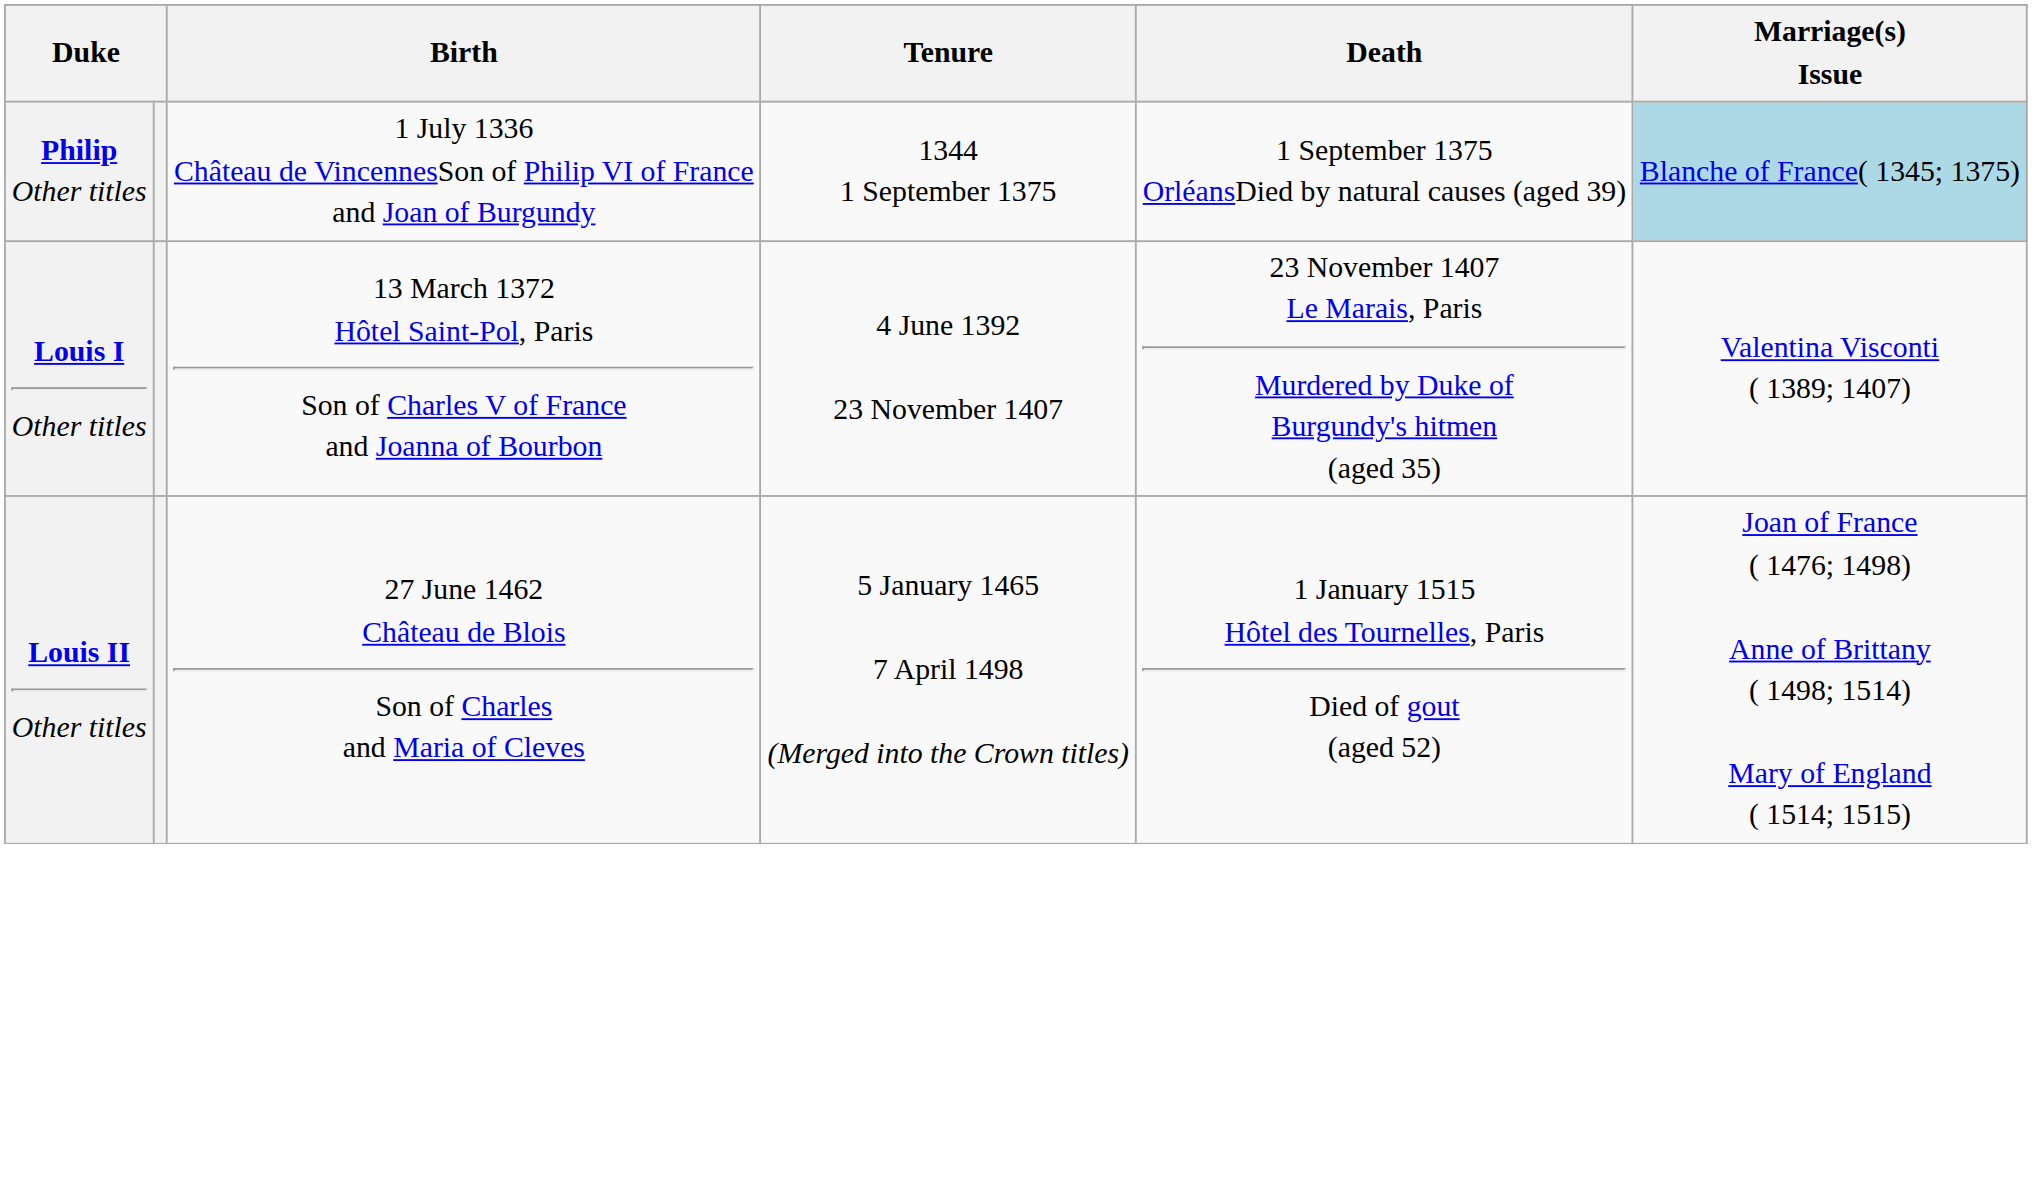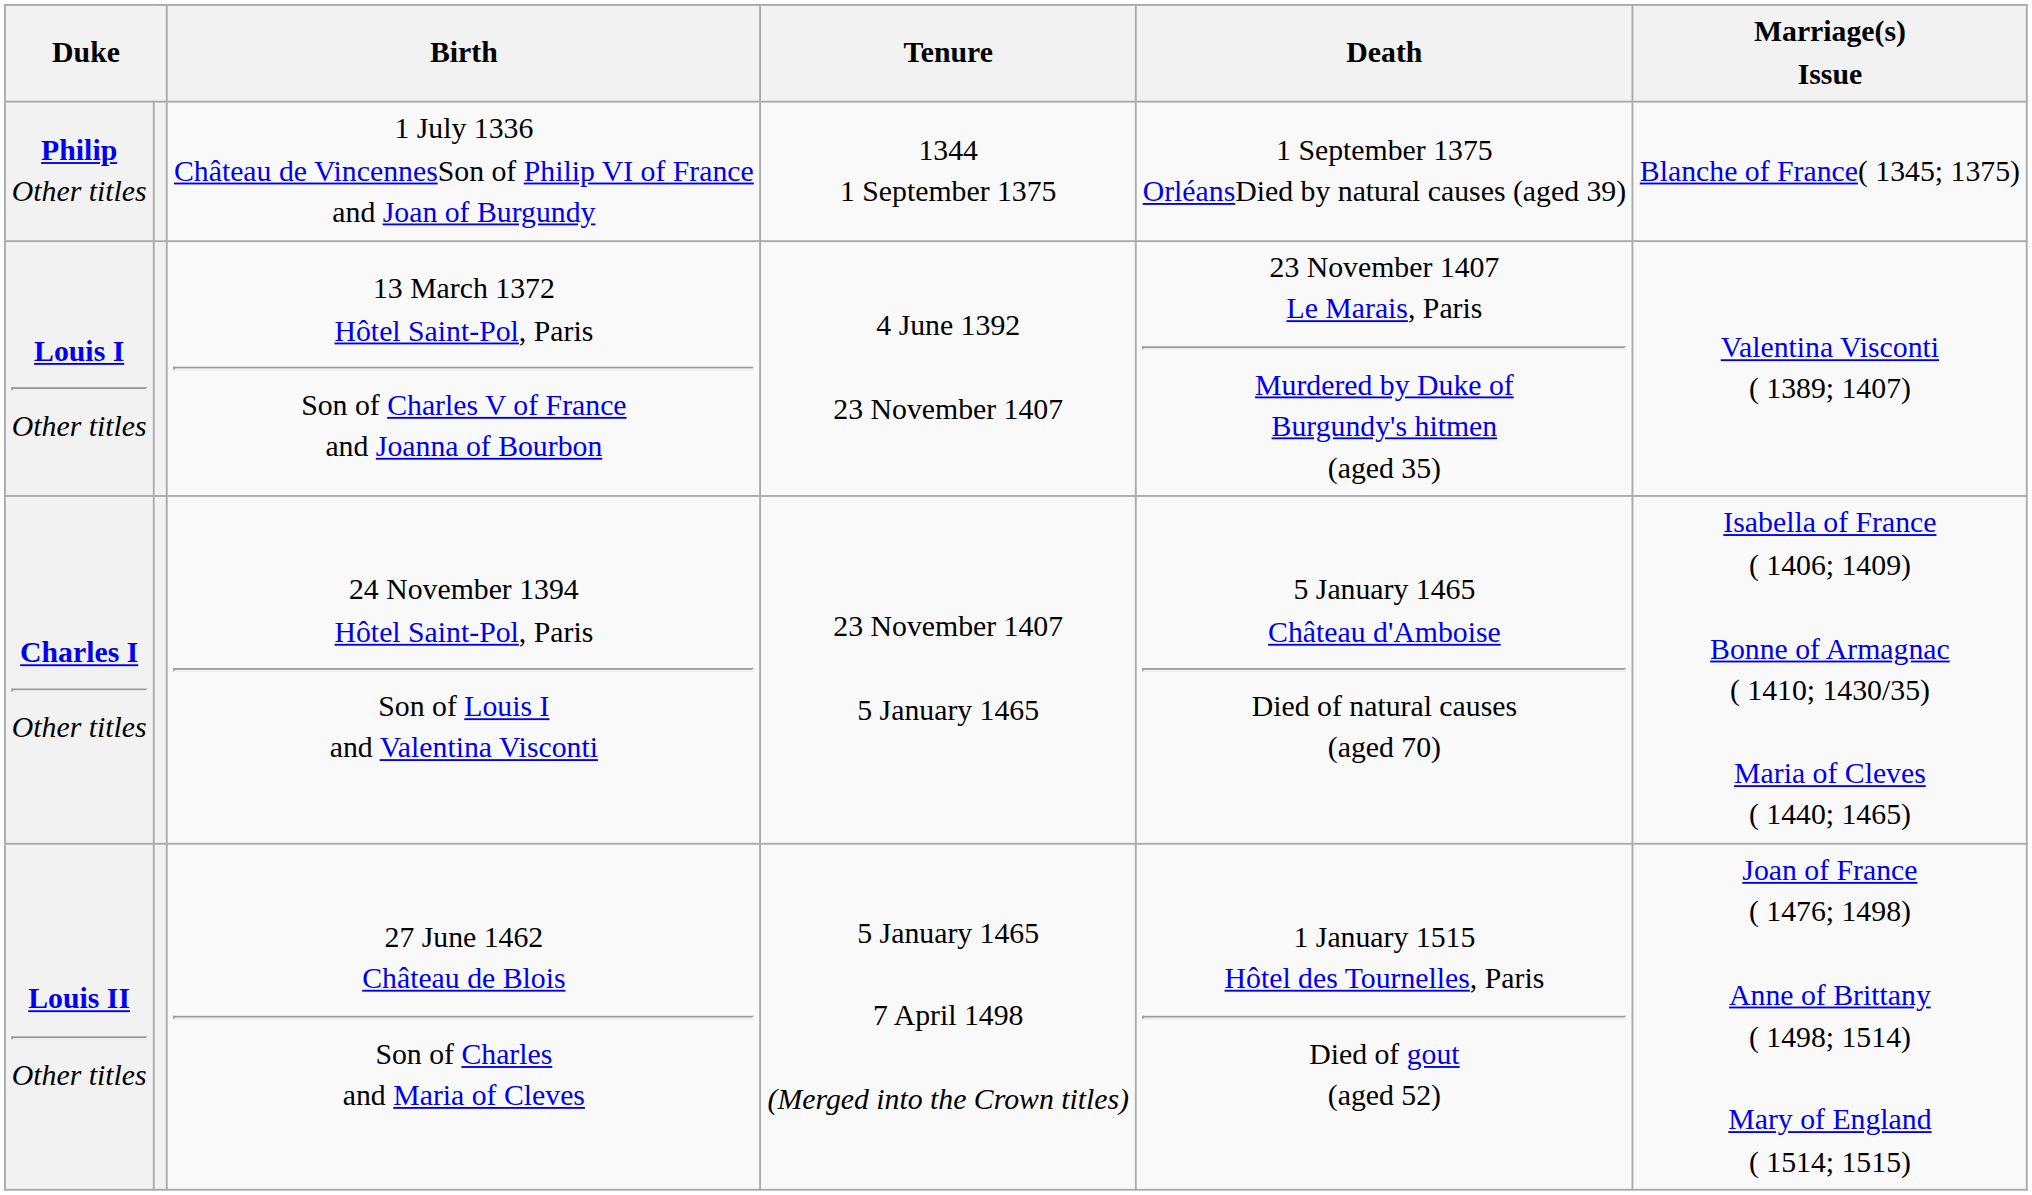 <table class="wikitable" style="line-height:1.4em; text-align:center">
 <tr>
 <th colspan="2">Duke</th>
 <th>Birth</th>
 <th>Tenure</th>
 <th>Death</th>
 <th>Marriage(s)<br>Issue</th>
 </tr>
 <tr>
 <th style="font-weight:normal"><strong><a href='#'>Philip</a></strong><br><em>Other titles</em></th>
 <th style="font-weight:normal"></th>
 <td>1 July 1336<br><a href='#'>Château de Vincennes</a>Son of <a href='#'>Philip VI of France</a><br>and <a href='#'>Joan of Burgundy</a></td>
 <td>1344<br> 1 September 1375</td>
 <td>1 September 1375<br><a href='#'>Orléans</a>Died by natural causes (aged 39)</td>
-<td style="background: lightblue;"><a href='#'>Blanche of France</a>( 1345;  1375)<br></td>
+<td><a href='#'>Blanche of France</a>( 1345;  1375)<br></td>
 </tr>
 <tr>
 <th style="font-weight:normal"><br><strong><a href='#'>Louis I</a></strong><hr><em>Other titles</em><br></th>
 <th style="font-weight:normal"></th>
 <td>13 March 1372<br><a href='#'>Hôtel Saint-Pol</a>, Paris<hr>Son of <a href='#'>Charles V of France</a><br>and <a href='#'>Joanna of Bourbon</a></td>
 <td>4 June 1392<br><br>23 November 1407</td>
 <td>23 November 1407<br><a href='#'>Le Marais</a>, Paris<hr><a href='#'>Murdered by Duke of<br>Burgundy's hitmen</a><br>(aged 35)</td>
 <td><a href='#'>Valentina Visconti</a><br>( 1389;  1407)<br></td>
 </tr>
 <tr>
+<th style="font-weight:normal"><br><strong><a href='#'>Charles I</a></strong><hr><em>Other titles</em><br></th>
+<th style="font-weight:normal"></th>
+<td>24 November 1394<br><a href='#'>Hôtel Saint-Pol</a>, Paris<hr>Son of <a href='#'>Louis I</a><br>and <a href='#'>Valentina Visconti</a></td>
+<td>23 November 1407<br><br>5 January 1465</td>
+<td>5 January 1465<br><a href='#'>Château d'Amboise</a><hr>Died of natural causes<br>(aged 70)</td>
+<td> <a href='#'>Isabella of France</a><br>( 1406;  1409)<br><br> <a href='#'>Bonne of Armagnac</a><br>( 1410;  1430/35)<br><br> <a href='#'>Maria of Cleves</a><br>( 1440;  1465)<br></td>
+</tr>
+<tr>
 <th style="font-weight:normal"><br><strong><a href='#'>Louis II</a></strong><hr><em>Other titles</em><br></th>
 <th style="font-weight:normal"></th>
 <td>27 June 1462<br><a href='#'>Château de Blois</a><hr>Son of <a href='#'>Charles</a><br>and <a href='#'>Maria of Cleves</a></td>
 <td>5 January 1465<br><br>7 April 1498<br><br><em>(Merged into the Crown titles)</em></td>
 <td>1 January 1515<br><a href='#'>Hôtel des Tournelles</a>, Paris<hr>Died of <a href='#'>gout</a><br>(aged 52)</td>
 <td> <a href='#'>Joan of France</a><br>( 1476;  1498)<br><br> <a href='#'>Anne of Brittany</a><br>( 1498;  1514)<br><br> <a href='#'>Mary of England</a><br>( 1514;  1515)<br></td>
 </tr>
 </table>
